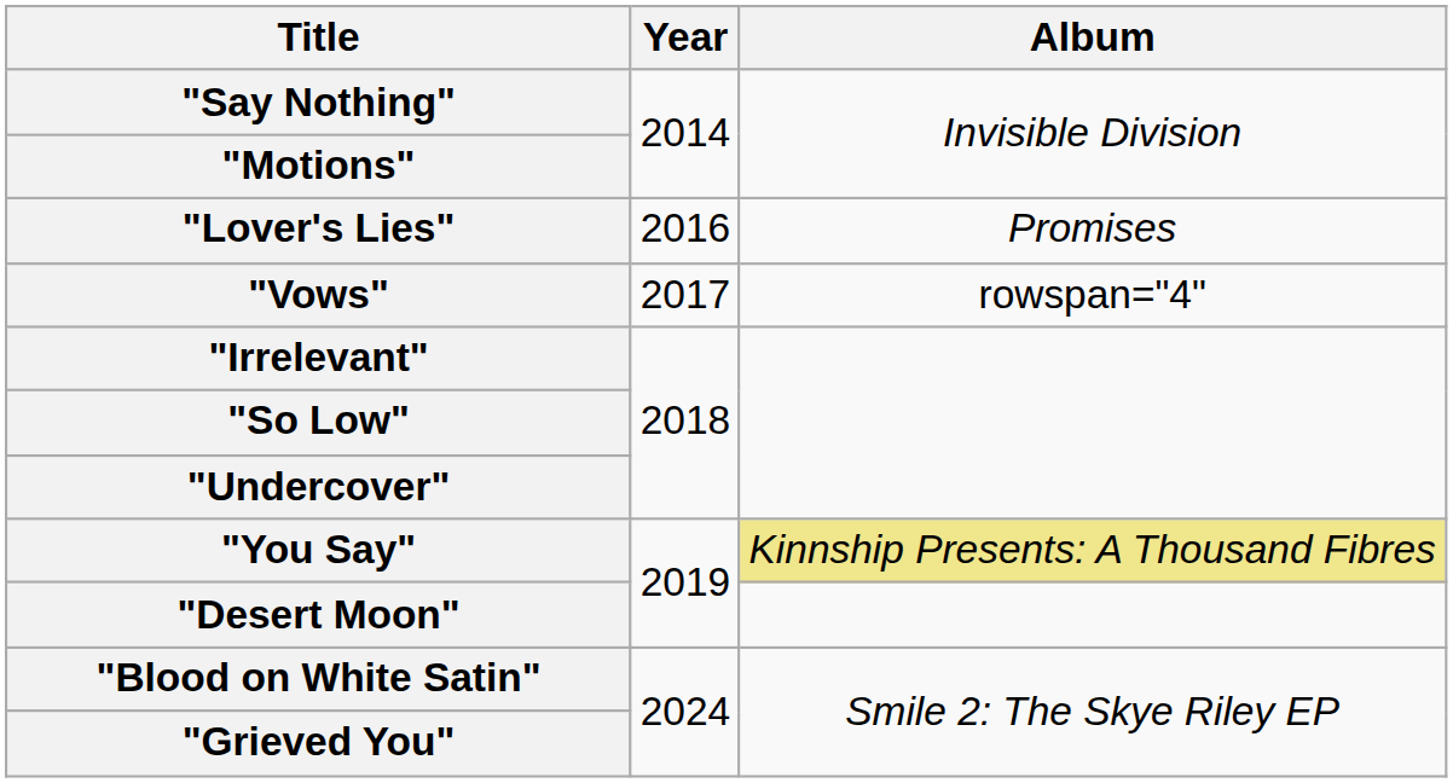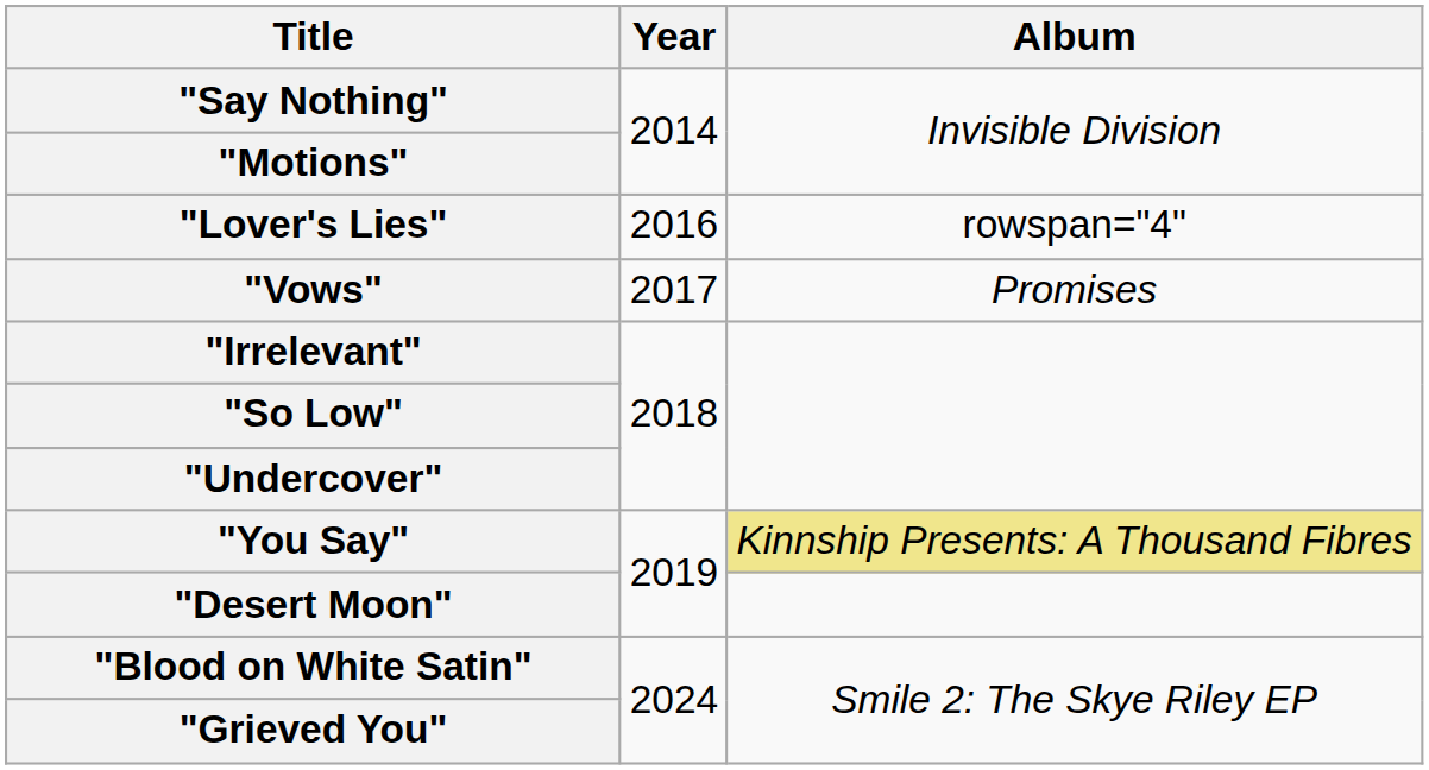 <table class="wikitable plainrowheaders" style="text-align:center;">
 <tr>
 <th scope="col" style="width:15em;">Title</th>
 <th scope="col">Year</th>
 <th scope="col">Album</th>
 </tr>
 <tr>
 <th scope="row">"Say Nothing"</th>
 <td rowspan="2">2014</td>
 <td rowspan="2"><em>Invisible Division</em></td>
 </tr>
 <tr>
 <th scope="row">"Motions"</th>
 </tr>
 <tr>
 <th scope="row">"Lover's Lies"</th>
 <td>2016</td>
-<td><em>Promises</em></td>
+<td>rowspan="4" </td>
 </tr>
 <tr>
 <th scope="row">"Vows"</th>
 <td>2017</td>
-<td>rowspan="4" </td>
+<td><em>Promises</em></td>
 </tr>
 <tr>
 <th scope="row">"Irrelevant"<br></th>
 <td rowspan="3">2018</td>
 </tr>
 <tr>
 <th scope="row">"So Low"</th>
 </tr>
 <tr>
 <th scope="row">"Undercover"</th>
 </tr>
 <tr>
 <th scope="row">"You Say"<br></th>
 <td rowspan="2">2019</td>
 <td style="background: khaki;"><em>Kinnship Presents: A Thousand Fibres</em></td>
 </tr>
 <tr>
 <th scope="row">"Desert Moon"<br></th>
 <td></td>
 </tr>
 <tr>
 <th scope="row">"Blood on White Satin"</th>
 <td rowspan="2">2024</td>
 <td rowspan="2"><em>Smile 2: The Skye Riley EP</em></td>
 </tr>
 <tr>
 <th scope="row">"Grieved You"</th>
 </tr>
 </table>
